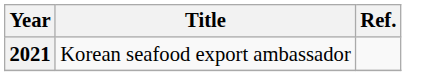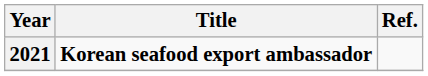 <table class="wikitable plainrowheaders sortable">
 <tr>
 <th>Year</th>
 <th>Title</th>
 <th>Ref.</th>
 </tr>
 <tr>
 <th scope="row">2021</th>
-<td>Korean seafood export ambassador</td>
+<td><strong>Korean seafood export ambassador</strong></td>
 <td></td>
 </tr>
 <tr>
 </tr>
 </table>
